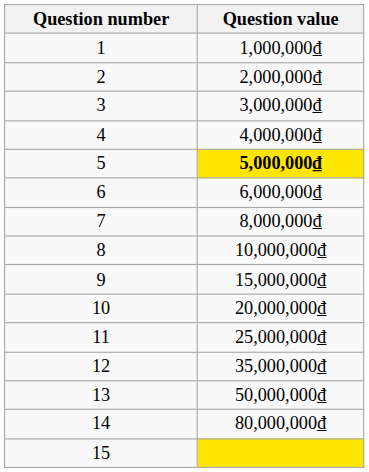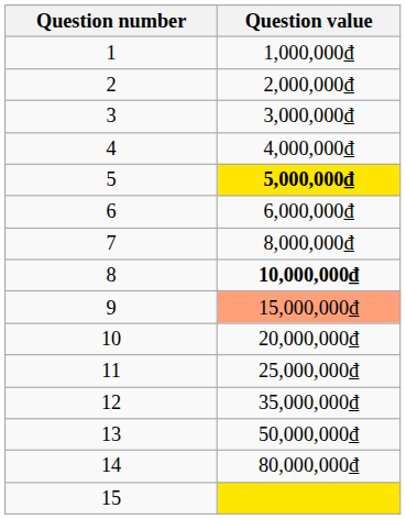 <table class="wikitable" style="text-align:center; border:1px; cellpadding:2; cellspacing:0; width:25%;">
 <tr>
 <th>Question number</th>
 <th>Question value</th>
 </tr>
 <tr>
 <td>1</td>
 <td>1,000,000₫</td>
 </tr>
 <tr>
 <td>2</td>
 <td>2,000,000₫</td>
 </tr>
 <tr>
 <td>3</td>
 <td>3,000,000₫</td>
 </tr>
 <tr>
 <td>4</td>
 <td>4,000,000₫</td>
 </tr>
 <tr>
 <td>5</td>
 <td style="background: #FFE600"><strong>5,000,000₫</strong></td>
 </tr>
 <tr>
 <td>6</td>
 <td>6,000,000₫</td>
 </tr>
 <tr>
 <td>7</td>
 <td>8,000,000₫</td>
 </tr>
 <tr>
 <td>8</td>
-<td>10,000,000₫</td>
+<td><strong>10,000,000₫</strong></td>
 </tr>
 <tr>
 <td>9</td>
-<td>15,000,000₫</td>
+<td style="background: lightsalmon;">15,000,000₫</td>
 </tr>
 <tr>
 <td>10</td>
 <td>20,000,000₫</td>
 </tr>
 <tr>
 <td>11</td>
 <td>25,000,000₫</td>
 </tr>
 <tr>
 <td>12</td>
 <td>35,000,000₫</td>
 </tr>
 <tr>
 <td>13</td>
 <td>50,000,000₫</td>
 </tr>
 <tr>
 <td>14</td>
 <td>80,000,000₫</td>
 </tr>
 <tr>
 <td>15</td>
 <td style="background: #FFE600"><strong></strong></td>
 </tr>
 </table>
